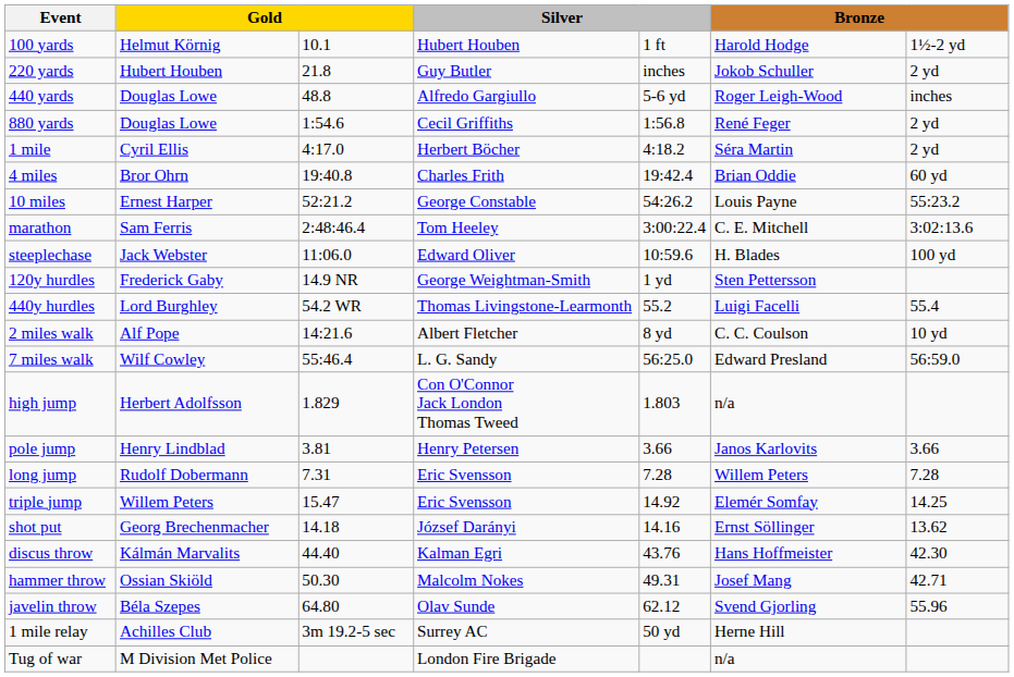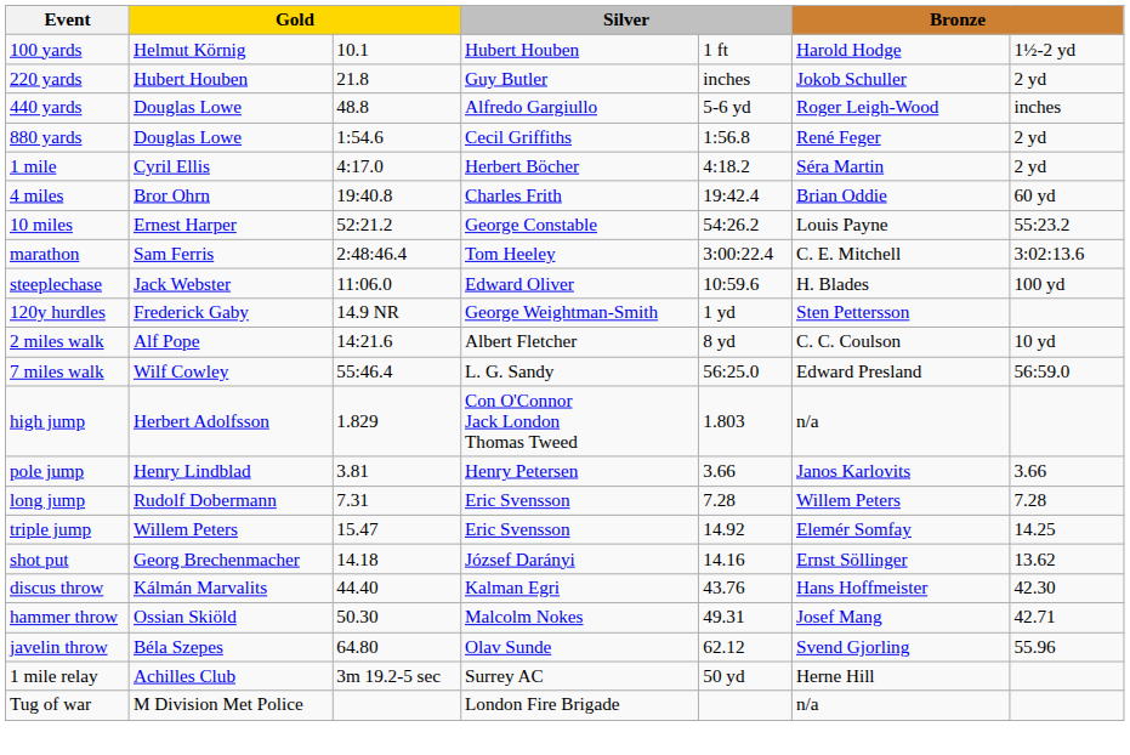 <table class="wikitable" style="text-align:left">
 <tr>
 <th width=100>Event</th>
 <th colspan="2" width="280" style="background:gold;">Gold</th>
 <th colspan="2" width="280" style="background:silver;">Silver</th>
 <th colspan="2" width="280" style="background:#CD7F32;">Bronze</th>
 </tr>
 <tr>
 <td><a href='#'>100 yards</a></td>
 <td> <a href='#'>Helmut Körnig</a></td>
 <td>10.1</td>
 <td> <a href='#'>Hubert Houben</a></td>
 <td>1 ft</td>
 <td><a href='#'>Harold Hodge</a></td>
 <td>1½-2 yd</td>
 </tr>
 <tr>
 <td><a href='#'>220 yards</a></td>
 <td> <a href='#'>Hubert Houben</a></td>
 <td>21.8</td>
 <td><a href='#'>Guy Butler</a></td>
 <td>inches</td>
 <td> <a href='#'>Jokob Schuller</a></td>
 <td>2 yd</td>
 </tr>
 <tr>
 <td><a href='#'>440 yards</a></td>
 <td><a href='#'>Douglas Lowe</a></td>
 <td>48.8</td>
 <td> <a href='#'>Alfredo Gargiullo</a></td>
 <td>5-6 yd</td>
 <td><a href='#'>Roger Leigh-Wood</a></td>
 <td>inches</td>
 </tr>
 <tr>
 <td><a href='#'>880 yards</a></td>
 <td><a href='#'>Douglas Lowe</a></td>
 <td>1:54.6</td>
 <td> <a href='#'>Cecil Griffiths</a></td>
 <td>1:56.8</td>
 <td> <a href='#'>René Feger</a></td>
 <td>2 yd</td>
 </tr>
 <tr>
 <td><a href='#'>1 mile</a></td>
 <td><a href='#'>Cyril Ellis</a></td>
 <td>4:17.0</td>
 <td> <a href='#'>Herbert Böcher</a></td>
 <td>4:18.2</td>
 <td> <a href='#'>Séra Martin</a></td>
 <td>2 yd</td>
 </tr>
 <tr>
 <td><a href='#'>4 miles</a></td>
 <td> <a href='#'>Bror Ohrn</a></td>
 <td>19:40.8</td>
 <td><a href='#'>Charles Frith</a></td>
 <td>19:42.4</td>
 <td><a href='#'>Brian Oddie</a></td>
 <td>60 yd</td>
 </tr>
 <tr>
 <td><a href='#'>10 miles</a></td>
 <td><a href='#'>Ernest Harper</a></td>
 <td>52:21.2</td>
 <td><a href='#'>George Constable</a></td>
 <td>54:26.2</td>
 <td>Louis Payne</td>
 <td>55:23.2</td>
 </tr>
 <tr>
 <td><a href='#'>marathon</a></td>
 <td> <a href='#'>Sam Ferris</a></td>
 <td>2:48:46.4</td>
 <td><a href='#'>Tom Heeley</a></td>
 <td>3:00:22.4</td>
 <td>C. E. Mitchell</td>
 <td>3:02:13.6</td>
 </tr>
 <tr>
 <td><a href='#'>steeplechase</a></td>
 <td><a href='#'>Jack Webster</a></td>
 <td>11:06.0</td>
 <td><a href='#'>Edward Oliver</a></td>
 <td>10:59.6</td>
 <td>H. Blades</td>
 <td>100 yd</td>
 </tr>
 <tr>
 <td><a href='#'>120y hurdles</a></td>
 <td><a href='#'>Frederick Gaby</a></td>
 <td>14.9 NR</td>
 <td> <a href='#'>George Weightman-Smith</a></td>
 <td>1 yd</td>
 <td> <a href='#'>Sten Pettersson</a></td>
 <td></td>
-</tr>
-<tr>
-<td><a href='#'>440y hurdles</a></td>
-<td><a href='#'>Lord Burghley</a></td>
-<td>54.2 WR</td>
-<td> <a href='#'>Thomas Livingstone-Learmonth</a></td>
-<td>55.2</td>
-<td> <a href='#'>Luigi Facelli</a></td>
-<td>55.4</td>
 </tr>
 <tr>
 <td><a href='#'>2 miles walk</a></td>
 <td><a href='#'>Alf Pope</a></td>
 <td>14:21.6</td>
 <td>Albert Fletcher</td>
 <td>8 yd</td>
 <td>C. C. Coulson</td>
 <td>10 yd</td>
 </tr>
 <tr>
 <td><a href='#'>7 miles walk</a></td>
 <td><a href='#'>Wilf Cowley</a></td>
 <td>55:46.4</td>
 <td>L. G. Sandy</td>
 <td>56:25.0</td>
 <td>Edward Presland</td>
 <td>56:59.0</td>
 </tr>
 <tr>
 <td><a href='#'>high jump</a></td>
 <td> <a href='#'>Herbert Adolfsson</a></td>
 <td>1.829</td>
 <td> <a href='#'>Con O'Connor</a> <br><a href='#'>Jack London</a><br> Thomas Tweed</td>
 <td>1.803</td>
 <td>n/a</td>
 <td></td>
 </tr>
 <tr>
 <td><a href='#'>pole jump</a></td>
 <td> <a href='#'>Henry Lindblad</a></td>
 <td>3.81</td>
 <td> <a href='#'>Henry Petersen</a></td>
 <td>3.66</td>
 <td> <a href='#'>Janos Karlovits</a></td>
 <td>3.66</td>
 </tr>
 <tr>
 <td><a href='#'>long jump</a></td>
 <td> <a href='#'>Rudolf Dobermann</a></td>
 <td>7.31</td>
 <td> <a href='#'>Eric Svensson</a></td>
 <td>7.28</td>
 <td> <a href='#'>Willem Peters</a></td>
 <td>7.28</td>
 </tr>
 <tr>
 <td><a href='#'>triple jump</a></td>
 <td> <a href='#'>Willem Peters</a></td>
 <td>15.47</td>
 <td> <a href='#'>Eric Svensson</a></td>
 <td>14.92</td>
 <td> <a href='#'>Elemér Somfay</a></td>
 <td>14.25</td>
 </tr>
 <tr>
 <td><a href='#'>shot put</a></td>
 <td> <a href='#'>Georg Brechenmacher</a></td>
 <td>14.18</td>
 <td> <a href='#'>József Darányi</a></td>
 <td>14.16</td>
 <td> <a href='#'>Ernst Söllinger</a></td>
 <td>13.62</td>
 </tr>
 <tr>
 <td><a href='#'>discus throw</a></td>
 <td> <a href='#'>Kálmán Marvalits</a></td>
 <td>44.40</td>
 <td> <a href='#'>Kalman Egri</a></td>
 <td>43.76</td>
 <td> <a href='#'>Hans Hoffmeister</a></td>
 <td>42.30</td>
 </tr>
 <tr>
 <td><a href='#'>hammer throw</a></td>
 <td> <a href='#'>Ossian Skiöld</a></td>
 <td>50.30</td>
 <td><a href='#'>Malcolm Nokes</a></td>
 <td>49.31</td>
 <td> <a href='#'>Josef Mang</a></td>
 <td>42.71</td>
 </tr>
 <tr>
 <td><a href='#'>javelin throw</a></td>
 <td> <a href='#'>Béla Szepes</a></td>
 <td>64.80</td>
 <td> <a href='#'>Olav Sunde</a></td>
 <td>62.12</td>
 <td> <a href='#'>Svend Gjorling</a></td>
 <td>55.96</td>
 </tr>
 <tr>
 <td>1 mile relay</td>
 <td><a href='#'>Achilles Club</a></td>
 <td>3m 19.2-5 sec</td>
 <td>Surrey AC</td>
 <td>50 yd</td>
 <td>Herne Hill</td>
 <td></td>
 </tr>
 <tr>
 <td>Tug of war</td>
 <td>M Division Met Police</td>
 <td></td>
 <td>London Fire Brigade</td>
 <td></td>
 <td>n/a</td>
 <td></td>
 </tr>
 </table>
